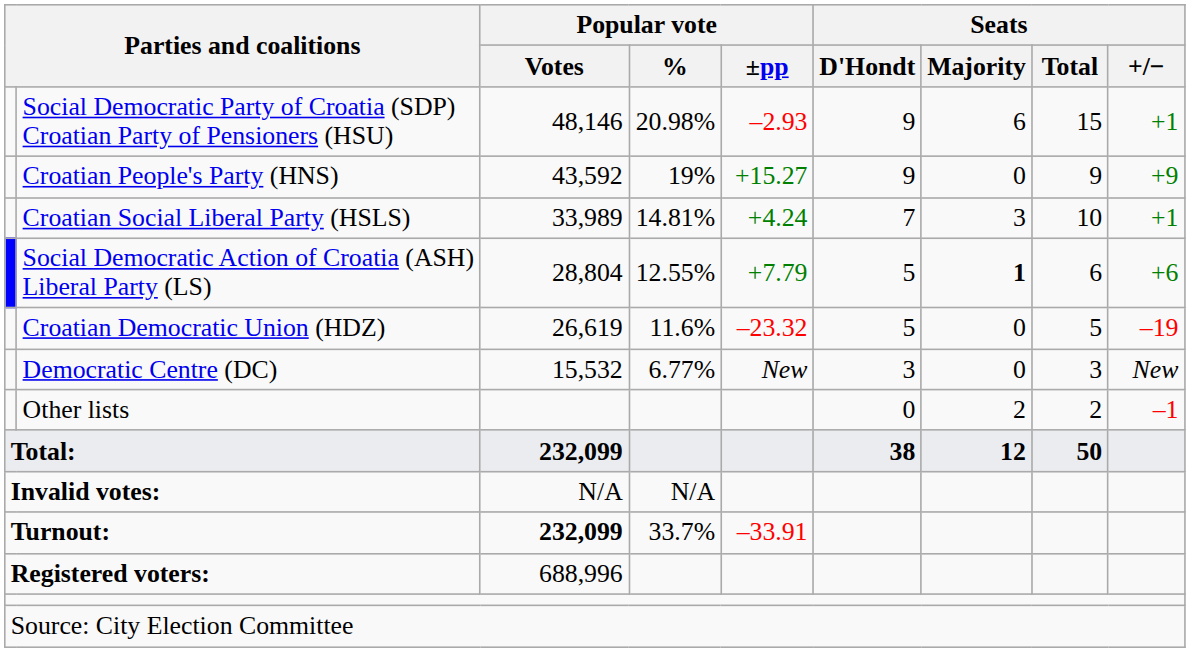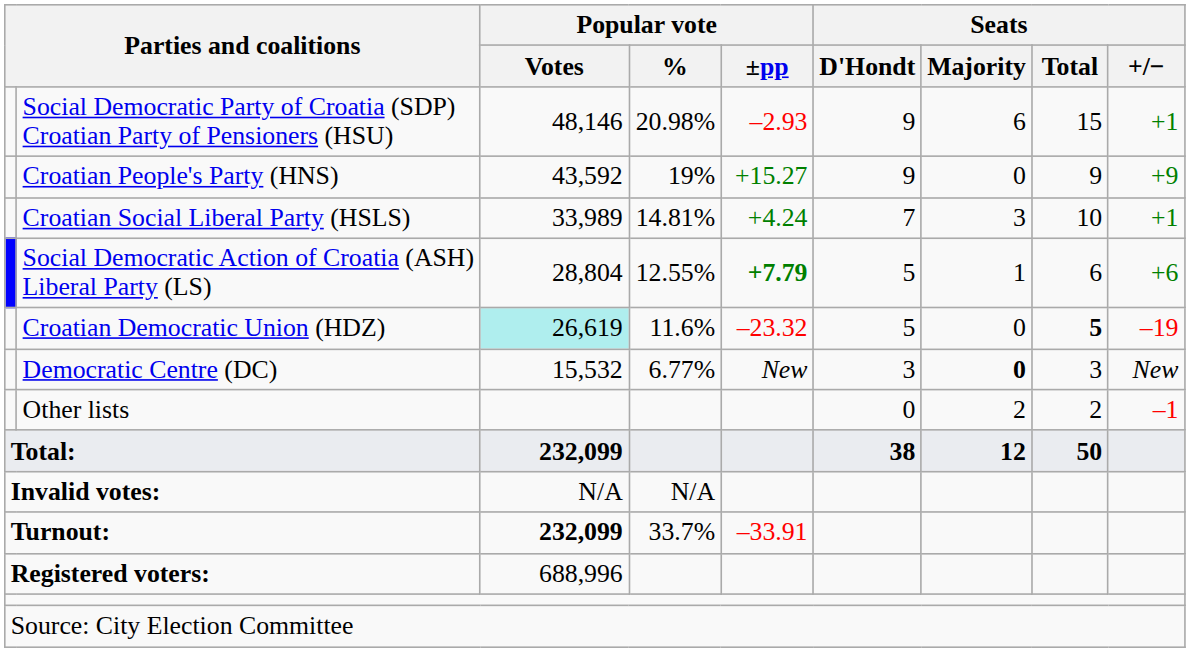 <table class="wikitable" border="1">
 <tr>
 <th align= center rowspan="2" colspan="2">Parties and coalitions</th>
 <th colspan="3">Popular vote</th>
 <th colspan="4">Seats</th>
 </tr>
 <tr align="center">
 <th width="85">Votes</th>
 <th width="50">%</th>
 <th width="50">±<a href='#'>pp</a></th>
 <th>D'Hondt</th>
 <th>Majority</th>
 <th width="40">Total</th>
 <th width="40">+/−</th>
 </tr>
 <tr>
 <td bgcolor=></td>
 <td align = left><a href='#'>Social Democratic Party of Croatia</a> (SDP)<br><a href='#'>Croatian Party of Pensioners</a> (HSU)</td>
 <td align = right>48,146</td>
 <td align = right>20.98%</td>
 <td align="right" style="color:red;">–2.93</td>
 <td align = right>9</td>
 <td align = right>6</td>
 <td align = right>15</td>
 <td align = right style="color:green;">+1</td>
 </tr>
 <tr>
 <td></td>
 <td align="left"><a href='#'>Croatian People's Party</a> (HNS)</td>
 <td align="right">43,592</td>
 <td align="right">19%</td>
 <td align="right" style="color:green;">+15.27</td>
 <td align = right>9</td>
 <td align = right>0</td>
 <td align="right">9</td>
 <td align="right" style="color:green;">+9</td>
 </tr>
 <tr>
 <td></td>
 <td align="left"><a href='#'>Croatian Social Liberal Party</a> (HSLS)</td>
 <td align="right">33,989</td>
 <td align="right">14.81%</td>
 <td align="right" style="color:green;">+4.24</td>
 <td align = right>7</td>
 <td align = right>3</td>
 <td align="right">10</td>
 <td align="right" style="color:green;">+1</td>
 </tr>
 <tr>
 <td bgcolor=Blue></td>
 <td align = left><a href='#'>Social Democratic Action of Croatia</a> (ASH)<br><a href='#'>Liberal Party</a> (LS)</td>
 <td align = right>28,804</td>
 <td align = right>12.55%</td>
-<td align = right style="color:green;">+7.79</td>
+<td align = right style="color:green;"><strong>+7.79</strong></td>
 <td align = right>5</td>
-<td align = right><strong>1</strong></td>
+<td align = right>1</td>
 <td align = right>6</td>
 <td align = right style="color:green;">+6</td>
 </tr>
 <tr>
 <td></td>
 <td align="left"><a href='#'>Croatian Democratic Union</a> (HDZ)</td>
-<td align="right">26,619</td>
+<td align="right" style="background: paleturquoise;">26,619</td>
 <td align="right">11.6%</td>
 <td align="right" style="color:red;">–23.32</td>
 <td align = right>5</td>
 <td align = right>0</td>
-<td align="right">5</td>
+<td align="right"><strong>5</strong></td>
 <td align="right" style="color:red;">–19</td>
 </tr>
 <tr>
 <td></td>
 <td align="left"><a href='#'>Democratic Centre</a> (DC)</td>
 <td align="right">15,532</td>
 <td align="right">6.77%</td>
 <td align="right"><em>New</em></td>
 <td align = right>3</td>
-<td align = right>0</td>
+<td align = right><strong>0</strong></td>
 <td align="right">3</td>
 <td align="right"><em>New</em></td>
 </tr>
 <tr>
 <td></td>
 <td align = left>Other lists</td>
 <td align = right></td>
 <td align = right></td>
 <td align="right"></td>
 <td align="right">0</td>
 <td align="right">2</td>
 <td align="right">2</td>
 <td align="right" style="color:red;">–1</td>
 </tr>
 <tr>
 <td align=left colspan=2 style="background-color:#eaecf0"><strong>Total:</strong></td>
 <td align=right style="background-color:#eaecf0"><strong>232,099</strong></td>
 <td align=right style="background-color:#eaecf0"></td>
 <td align = right style="background-color:#eaecf0"></td>
 <td align=right style="background-color:#eaecf0"><strong>38</strong></td>
 <td align=right style="background-color:#eaecf0"><strong>12</strong></td>
 <td align=right style="background-color:#eaecf0"><strong>50</strong></td>
 <td align=right style="background-color:#eaecf0"></td>
 </tr>
 <tr>
 <td align=left colspan=2><strong>Invalid votes:</strong></td>
 <td align=right>N/A</td>
 <td align=right>N/A</td>
 <td align="right"></td>
 <td></td>
 <td></td>
 <td align=right></td>
 <td align=right></td>
 </tr>
 <tr>
 <td align=left colspan=2><strong>Turnout:</strong></td>
 <td align=right><strong>232,099</strong></td>
 <td align=right>33.7%</td>
 <td align="right" style="color:red;">–33.91</td>
 <td></td>
 <td></td>
 <td align=right></td>
 <td align=right></td>
 </tr>
 <tr>
 <td align=left colspan=2><strong>Registered voters:</strong></td>
 <td align=right>688,996</td>
 <td align=right></td>
 <td align="right"></td>
 <td></td>
 <td></td>
 <td align=right></td>
 <td align=right></td>
 </tr>
 <tr>
 <td colspan="9" align="left"></td>
 </tr>
 <tr>
 <td colspan="9" align="left">Source: City Election Committee</td>
 </tr>
 </table>
